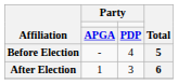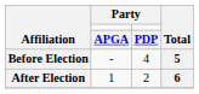 <table class=wikitable style="text-align:center">
 <tr style="vertical-align:bottom;">
 <th rowspan=3>Affiliation</th>
 <th colspan=2>Party</th>
 <th rowspan=3>Total</th>
 </tr>
 <tr>
 <td style="background-color:"></td>
 <td style="background-color:"></td>
 </tr>
 <tr>
 <th><a href='#'>APGA</a></th>
 <th><a href='#'>PDP</a></th>
 </tr>
 <tr>
 <th>Before Election</th>
 <td>-</td>
 <td>4</td>
 <th>5</th>
 </tr>
 <tr>
 <th>After Election</th>
 <td>1</td>
-<td>3</td>
+<td>2</td>
 <th>6</th>
 </tr>
 <tr>
 </tr>
 </table>
